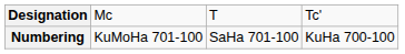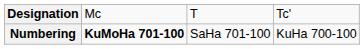 <table class="wikitable">
 <tr>
 <th>Designation</th>
 <td>Mc</td>
 <td>T</td>
 <td>Tc'</td>
 </tr>
 <tr>
 <th>Numbering</th>
-<td>KuMoHa 701-100</td>
+<td><strong>KuMoHa 701-100</strong></td>
 <td>SaHa 701-100</td>
 <td>KuHa 700-100</td>
 </tr>
 </table>
